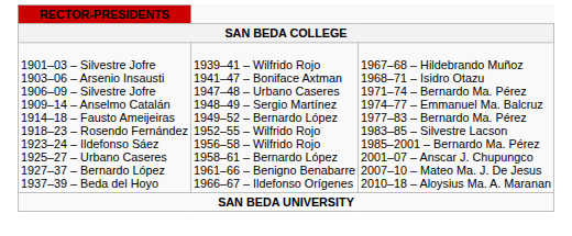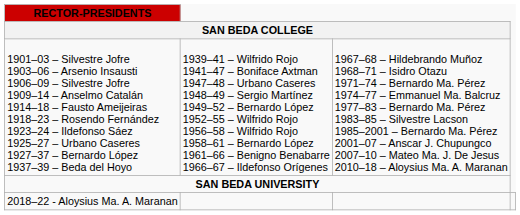 <table class="wikitable" style="text-align: center; font-size:90%; margin-left: auto; margin-right: auto; border: none;">
 <tr align="center">
 <th style="background: #cc0000;">RECTOR-PRESIDENTS</th>
 </tr>
 <tr>
 <th colspan="3">SAN BEDA COLLEGE</th>
 </tr>
 <tr style="text-align:left;">
 <td><br>1901–03 – Silvestre Jofre<br> 1903–06 – Arsenio Insausti<br> 1906–09 – Silvestre Jofre<br> 1909–14 – Anselmo Catalán<br> 1914–18 – Fausto Ameijeiras<br> 1918–23 – Rosendo Fernández<br> 1923–24 – Ildefonso Sáez<br> 1925–27 – Urbano Caseres<br> 1927–37 – Bernardo López<br> 1937–39 – Beda del Hoyo<br></td>
 <td><br>1939–41 – Wilfrido Rojo<br> 1941–47 – Boniface Axtman<br> 1947–48 – Urbano Caseres<br> 1948–49 – Sergio Martínez<br> 1949–52 – Bernardo López<br> 1952–55 – Wilfrido Rojo<br> 1956–58 – Wilfrido Rojo<br> 1958–61 – Bernardo López<br> 1961–66 – Benigno Benabarre<br> 1966–67 – Ildefonso Orígenes<br></td>
 <td><br>1967–68 – Hildebrando Muñoz<br> 1968–71 – Isidro Otazu<br> 1971–74 – Bernardo Ma. Pérez<br> 1974–77 – Emmanuel Ma. Balcruz <br> 1977–83 – Bernardo Ma. Pérez<br> 1983–85 – Silvestre Lacson<br> 1985–2001 – Bernardo Ma. Pérez<br> 2001–07 – Anscar J. Chupungco<br> 2007–10 – Mateo Ma. J. De Jesus<br> 2010–18 – Aloysius Ma. A. Maranan</td>
 </tr>
 <tr>
 <td colspan="3"><strong>SAN BEDA UNIVERSITY</strong></td>
 </tr>
+<tr>
+<td>2018–22 - Aloysius Ma. A. Maranan</td>
+<td></td>
+<td></td>
+<td></td>
+</tr>
 </table>
